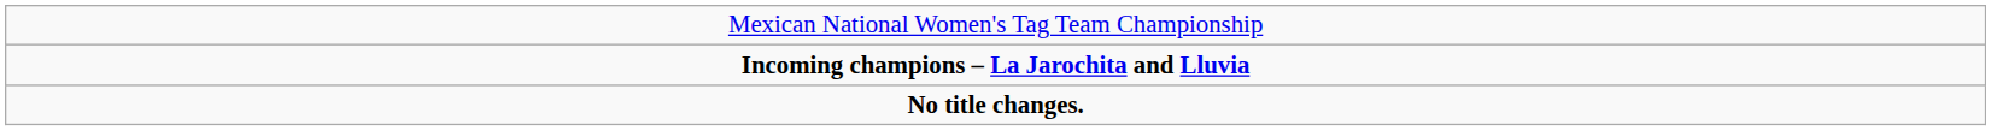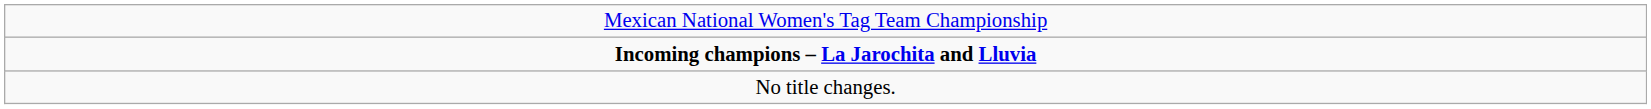 <table class="wikitable" style="text-align:center; width:100%;">
 <tr>
 <td style="text-align: center;"><a href='#'>Mexican National Women's Tag Team Championship</a></td>
 </tr>
 <tr>
 <td style="text-align: center;"><strong>Incoming champions – <a href='#'>La Jarochita</a> and <a href='#'>Lluvia</a></strong></td>
 </tr>
 <tr>
-<td><strong>No title changes.</strong></td>
+<td>No title changes.</td>
 </tr>
 </table>
